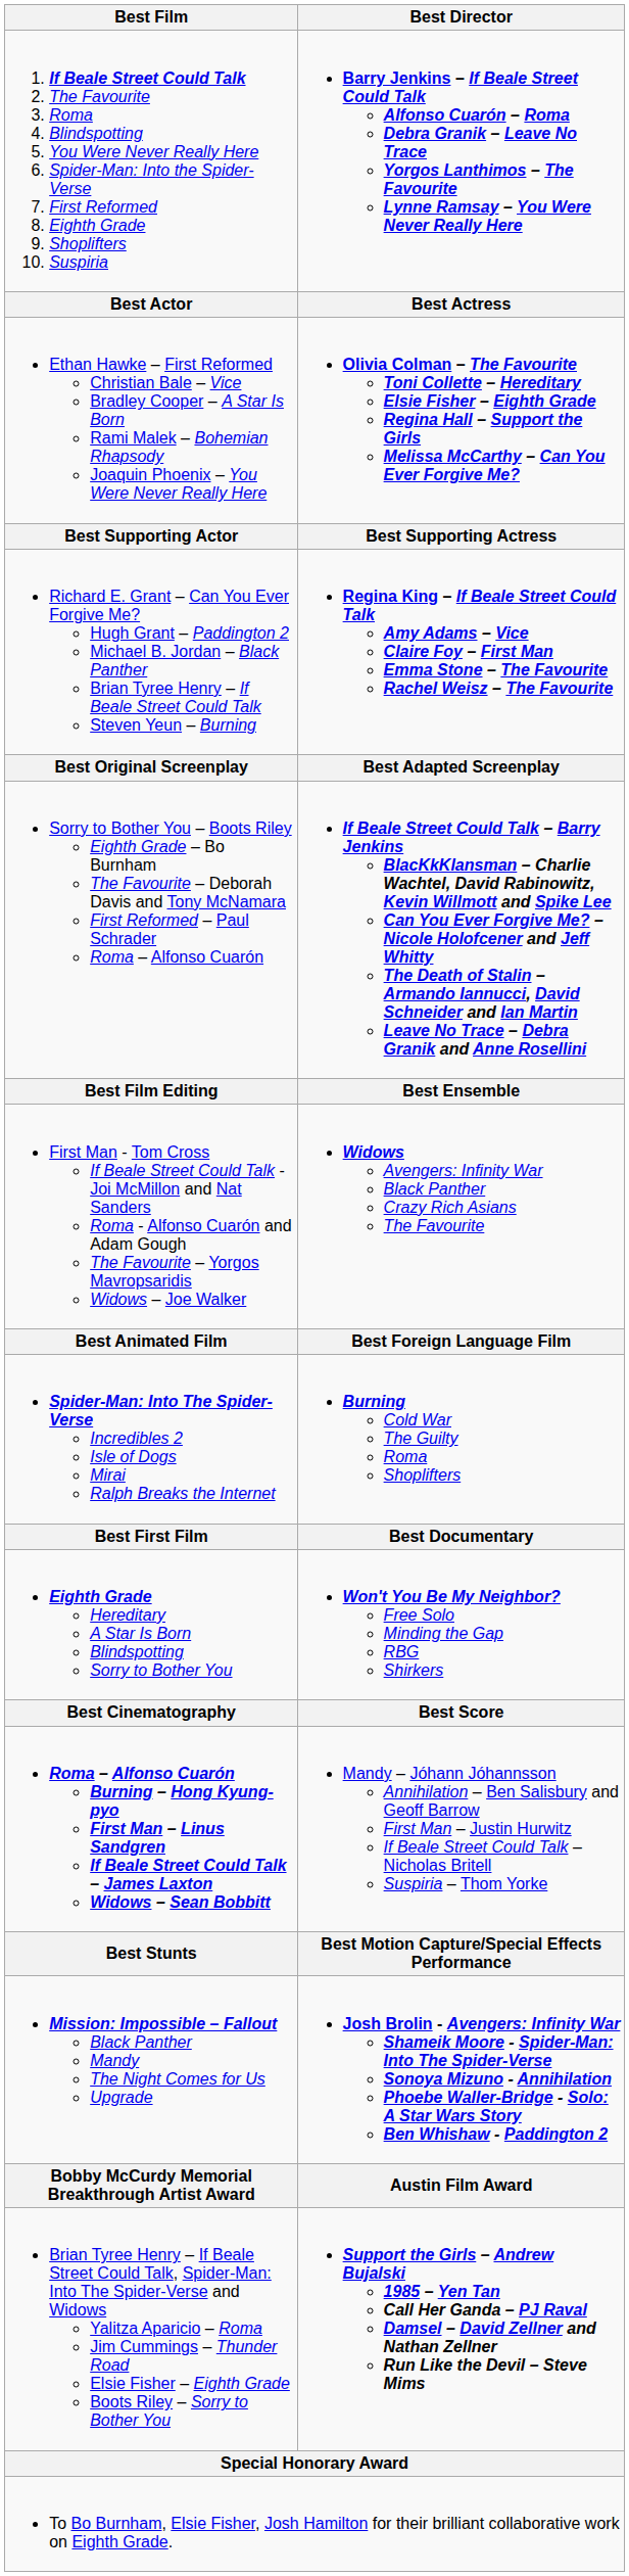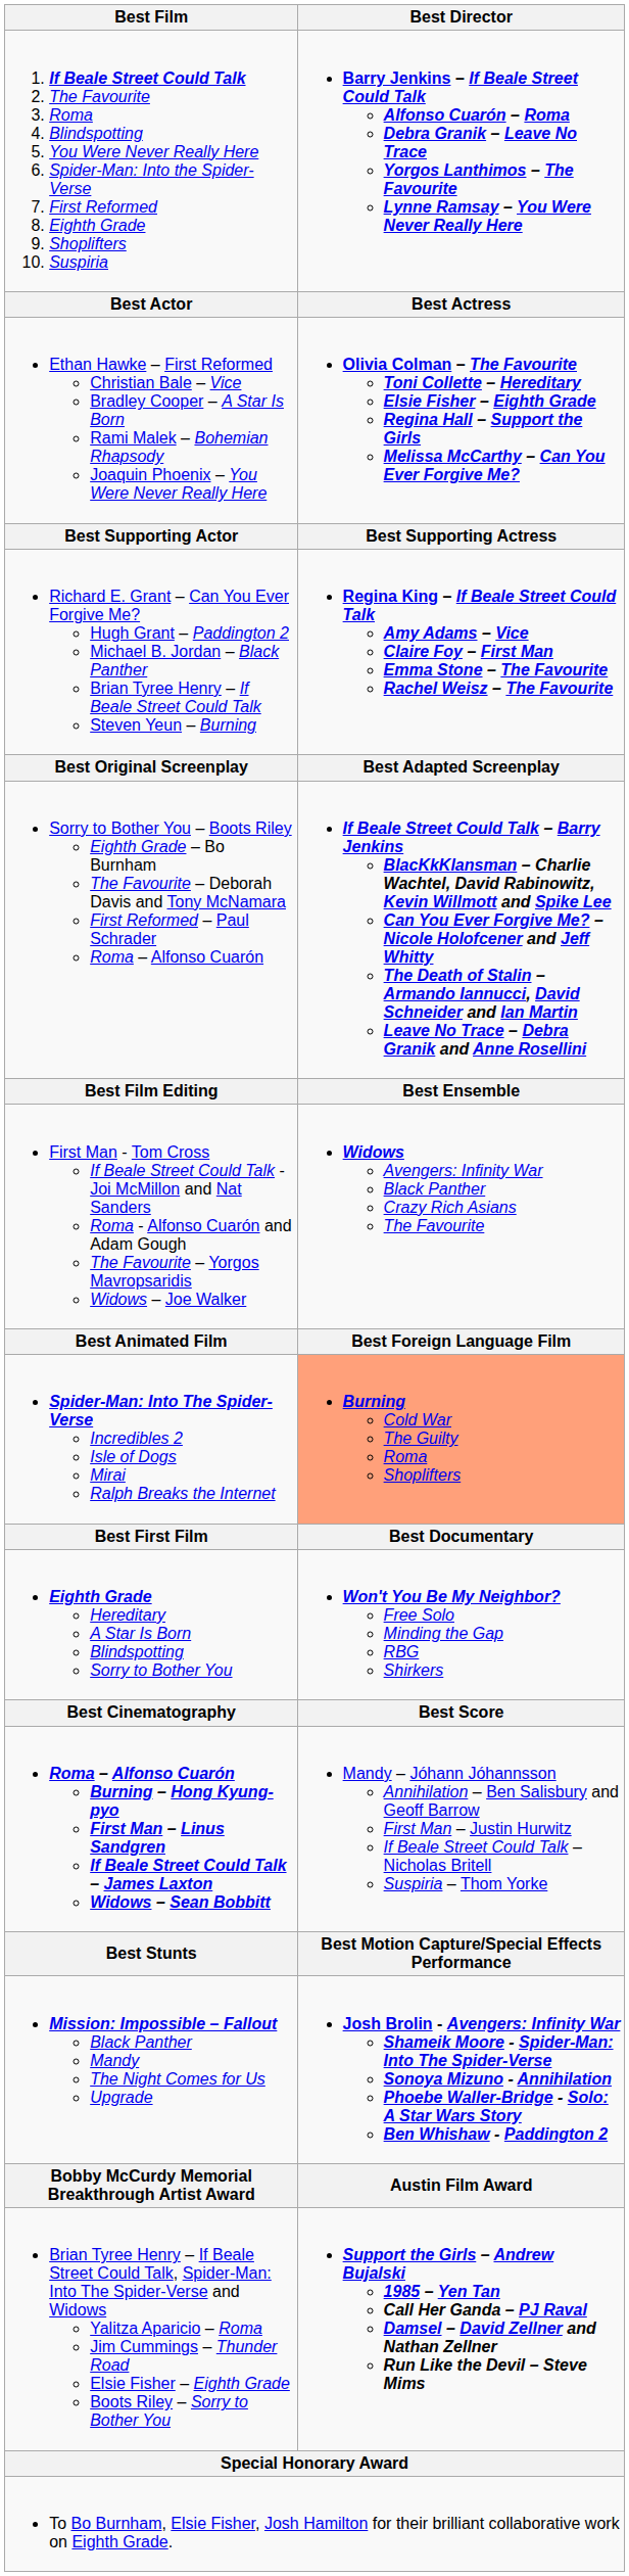 <table class=wikitable style="width=100%">
 <tr>
 <th style="width=50%">Best Film</th>
 <th style="width=50%">Best Director</th>
 </tr>
 <tr>
 <td valign="top"><br><ol><li><strong><em><a href='#'>If Beale Street Could Talk</a></em></strong></li><li><em><a href='#'>The Favourite</a></em></li><li><em><a href='#'>Roma</a></em></li><li><em><a href='#'>Blindspotting</a></em></li><li><em><a href='#'>You Were Never Really Here</a></em></li><li><em><a href='#'>Spider-Man: Into the Spider-Verse</a></em></li><li><em><a href='#'>First Reformed</a></em></li><li><em><a href='#'>Eighth Grade</a></em></li><li><em><a href='#'>Shoplifters</a></em></li><li><em><a href='#'>Suspiria</a></em></li></ol></td>
 <td valign="top"><br><ul><li><strong><a href='#'>Barry Jenkins</a> – <em><a href='#'>If Beale Street Could Talk</a><strong><em><ul><li><a href='#'>Alfonso Cuarón</a> – </em><a href='#'>Roma</a><em></li><li><a href='#'>Debra Granik</a> – </em><a href='#'>Leave No Trace</a><em></li><li><a href='#'>Yorgos Lanthimos</a> – </em><a href='#'>The Favourite</a><em></li><li><a href='#'>Lynne Ramsay</a> – </em><a href='#'>You Were Never Really Here</a><em></li></ul></li></ul></td>
 </tr>
 <tr>
 <th style="width=50%">Best Actor</th>
 <th style="width=50%">Best Actress</th>
 </tr>
 <tr>
 <td valign="top"><br><ul><li></strong><a href='#'>Ethan Hawke</a> – </em><a href='#'>First Reformed</a></em></strong><ul><li><a href='#'>Christian Bale</a> – <em><a href='#'>Vice</a></em></li><li><a href='#'>Bradley Cooper</a> – <em><a href='#'>A Star Is Born</a></em></li><li><a href='#'>Rami Malek</a> – <em><a href='#'>Bohemian Rhapsody</a></em></li><li><a href='#'>Joaquin Phoenix</a> – <em><a href='#'>You Were Never Really Here</a></em></li></ul></li></ul></td>
 <td valign="top"><br><ul><li><strong><a href='#'>Olivia Colman</a> – <em><a href='#'>The Favourite</a><strong><em><ul><li><a href='#'>Toni Collette</a> – </em><a href='#'>Hereditary</a><em></li><li><a href='#'>Elsie Fisher</a> – </em><a href='#'>Eighth Grade</a><em></li><li><a href='#'>Regina Hall</a> – </em><a href='#'>Support the Girls</a><em></li><li><a href='#'>Melissa McCarthy</a> – </em><a href='#'>Can You Ever Forgive Me?</a><em></li></ul></li></ul></td>
 </tr>
 <tr>
 <th style="width=50%">Best Supporting Actor</th>
 <th style="width=50%">Best Supporting Actress</th>
 </tr>
 <tr>
 <td valign="top"><br><ul><li></strong><a href='#'>Richard E. Grant</a> – </em><a href='#'>Can You Ever Forgive Me?</a></em></strong><ul><li><a href='#'>Hugh Grant</a> – <em><a href='#'>Paddington 2</a></em></li><li><a href='#'>Michael B. Jordan</a> – <em><a href='#'>Black Panther</a></em></li><li><a href='#'>Brian Tyree Henry</a> – <em><a href='#'>If Beale Street Could Talk</a></em></li><li><a href='#'>Steven Yeun</a> – <em><a href='#'>Burning</a></em></li></ul></li></ul></td>
 <td valign="top"><br><ul><li><strong><a href='#'>Regina King</a> – <em><a href='#'>If Beale Street Could Talk</a><strong><em><ul><li><a href='#'>Amy Adams</a> – </em><a href='#'>Vice</a><em></li><li><a href='#'>Claire Foy</a> – </em><a href='#'>First Man</a><em></li><li><a href='#'>Emma Stone</a> – </em><a href='#'>The Favourite</a><em></li><li><a href='#'>Rachel Weisz</a> – </em><a href='#'>The Favourite</a><em></li></ul></li></ul></td>
 </tr>
 <tr>
 <th style="width=50%">Best Original Screenplay</th>
 <th style="width=50%">Best Adapted Screenplay</th>
 </tr>
 <tr>
 <td valign="top"><br><ul><li></em></strong><a href='#'>Sorry to Bother You</a></em> – <a href='#'>Boots Riley</a></strong><ul><li><em><a href='#'>Eighth Grade</a></em> – Bo Burnham</li><li><em><a href='#'>The Favourite</a></em> – Deborah Davis and <a href='#'>Tony McNamara</a></li><li><em><a href='#'>First Reformed</a></em> – <a href='#'>Paul Schrader</a></li><li><em><a href='#'>Roma</a></em> – <a href='#'>Alfonso Cuarón</a></li></ul></li></ul></td>
 <td valign="top"><br><ul><li><strong><em><a href='#'>If Beale Street Could Talk</a><em> – <a href='#'>Barry Jenkins</a><strong><ul><li></em><a href='#'>BlacKkKlansman</a><em> – Charlie Wachtel, David Rabinowitz, <a href='#'>Kevin Willmott</a> and <a href='#'>Spike Lee</a></li><li></em><a href='#'>Can You Ever Forgive Me?</a><em> – <a href='#'>Nicole Holofcener</a> and <a href='#'>Jeff Whitty</a></li><li></em><a href='#'>The Death of Stalin</a><em> – <a href='#'>Armando Iannucci</a>, <a href='#'>David Schneider</a> and <a href='#'>Ian Martin</a></li><li></em><a href='#'>Leave No Trace</a><em> – <a href='#'>Debra Granik</a> and <a href='#'>Anne Rosellini</a></li></ul></li></ul></td>
 </tr>
 <tr>
 <th style="width=50%">Best Film Editing</th>
 <th style="width=50%">Best Ensemble</th>
 </tr>
 <tr>
 <td valign="top"><br><ul><li></em></strong><a href='#'>First Man</a></em> - <a href='#'>Tom Cross</a></strong><ul><li><em><a href='#'>If Beale Street Could Talk</a></em> - <a href='#'>Joi McMillon</a> and <a href='#'>Nat Sanders</a></li><li><em><a href='#'>Roma</a></em> - <a href='#'>Alfonso Cuarón</a> and Adam Gough</li><li><em><a href='#'>The Favourite</a></em> – <a href='#'>Yorgos Mavropsaridis</a></li><li><em><a href='#'>Widows</a></em> – <a href='#'>Joe Walker</a></li></ul></li></ul></td>
 <td valign="top"><br><ul><li><strong><em><a href='#'>Widows</a></em></strong><ul><li><em><a href='#'>Avengers: Infinity War</a></em></li><li><em><a href='#'>Black Panther</a></em></li><li><em><a href='#'>Crazy Rich Asians</a></em></li><li><em><a href='#'>The Favourite</a></em></li></ul></li></ul></td>
 </tr>
 <tr>
 <th style="width=50%">Best Animated Film</th>
 <th style="width=50%">Best Foreign Language Film</th>
 </tr>
 <tr>
 <td valign="top"><br><ul><li><strong><em><a href='#'>Spider-Man: Into The Spider-Verse</a></em></strong><ul><li><em><a href='#'>Incredibles 2</a></em></li><li><em><a href='#'>Isle of Dogs</a></em></li><li><em><a href='#'>Mirai</a></em></li><li><em><a href='#'>Ralph Breaks the Internet</a></em></li></ul></li></ul></td>
-<td valign="top"><br><ul><li><strong><em><a href='#'>Burning</a></em></strong><ul><li><em><a href='#'>Cold War</a></em></li><li><em><a href='#'>The Guilty</a></em></li><li><em><a href='#'>Roma</a></em></li><li><em><a href='#'>Shoplifters</a></em></li></ul></li></ul></td>
+<td valign="top" style="background: lightsalmon;"><br><ul><li><strong><em><a href='#'>Burning</a></em></strong><ul><li><em><a href='#'>Cold War</a></em></li><li><em><a href='#'>The Guilty</a></em></li><li><em><a href='#'>Roma</a></em></li><li><em><a href='#'>Shoplifters</a></em></li></ul></li></ul></td>
 </tr>
 <tr>
 <th style="width=50%">Best First Film</th>
 <th style="width=50%">Best Documentary</th>
 </tr>
 <tr>
 <td valign="top"><br><ul><li><strong><em><a href='#'>Eighth Grade</a></em></strong><ul><li><em><a href='#'>Hereditary</a></em></li><li><em><a href='#'>A Star Is Born</a></em></li><li><em><a href='#'>Blindspotting</a></em></li><li><em><a href='#'>Sorry to Bother You</a></em></li></ul></li></ul></td>
 <td valign="top"><br><ul><li><strong><em><a href='#'>Won't You Be My Neighbor?</a></em></strong><ul><li><em><a href='#'>Free Solo</a></em></li><li><em><a href='#'>Minding the Gap</a></em></li><li><em><a href='#'>RBG</a></em></li><li><em><a href='#'>Shirkers</a></em></li></ul></li></ul></td>
 </tr>
 <tr>
 <th style="width=50%">Best Cinematography</th>
 <th style="width=50%">Best Score</th>
 </tr>
 <tr>
 <td valign="top"><br><ul><li><strong><em><a href='#'>Roma</a><em> – <a href='#'>Alfonso Cuarón</a><strong><ul><li></em><a href='#'>Burning</a><em> – <a href='#'>Hong Kyung-pyo</a></li><li></em><a href='#'>First Man</a><em> – <a href='#'>Linus Sandgren</a></li><li></em><a href='#'>If Beale Street Could Talk</a><em> – <a href='#'>James Laxton</a></li><li></em><a href='#'>Widows</a><em> – <a href='#'>Sean Bobbitt</a></li></ul></li></ul></td>
 <td valign="top"><br><ul><li></em></strong><a href='#'>Mandy</a></em> – <a href='#'>Jóhann Jóhannsson</a></strong><ul><li><em><a href='#'>Annihilation</a></em> – <a href='#'>Ben Salisbury</a> and <a href='#'>Geoff Barrow</a></li><li><em><a href='#'>First Man</a></em> – <a href='#'>Justin Hurwitz</a></li><li><em><a href='#'>If Beale Street Could Talk</a></em> – <a href='#'>Nicholas Britell</a></li><li><em><a href='#'>Suspiria</a></em> – <a href='#'>Thom Yorke</a></li></ul></li></ul></td>
 </tr>
 <tr>
 <th style="width=50%">Best Stunts</th>
 <th style="width=50%">Best Motion Capture/Special Effects Performance</th>
 </tr>
 <tr>
 <td valign="top"><br><ul><li><strong><em><a href='#'>Mission: Impossible – Fallout</a></em></strong><ul><li><em><a href='#'>Black Panther</a></em></li><li><em><a href='#'>Mandy</a></em></li><li><em><a href='#'>The Night Comes for Us</a></em></li><li><em><a href='#'>Upgrade</a></em></li></ul></li></ul></td>
 <td valign="top"><br><ul><li><strong><a href='#'>Josh Brolin</a> - <em><a href='#'>Avengers: Infinity War</a><strong><em><ul><li><a href='#'>Shameik Moore</a> - </em><a href='#'>Spider-Man: Into The Spider-Verse</a><em></li><li><a href='#'>Sonoya Mizuno</a> - </em><a href='#'>Annihilation</a><em></li><li><a href='#'>Phoebe Waller-Bridge</a> - </em><a href='#'>Solo: A Star Wars Story</a><em></li><li><a href='#'>Ben Whishaw</a> - </em><a href='#'>Paddington 2</a><em></li></ul></li></ul></td>
 </tr>
 <tr>
 <th style="width=50%">Bobby McCurdy Memorial Breakthrough Artist Award</th>
 <th style="width=50%">Austin Film Award</th>
 </tr>
 <tr>
 <td valign="top"><br><ul><li></strong><a href='#'>Brian Tyree Henry</a> – </em><a href='#'>If Beale Street Could Talk</a>, <a href='#'>Spider-Man: Into The Spider-Verse</a> and <a href='#'>Widows</a></em></strong><ul><li><a href='#'>Yalitza Aparicio</a> – <em><a href='#'>Roma</a></em></li><li><a href='#'>Jim Cummings</a> – <em><a href='#'>Thunder Road</a></em></li><li><a href='#'>Elsie Fisher</a> – <em><a href='#'>Eighth Grade</a></em></li><li><a href='#'>Boots Riley</a> – <em><a href='#'>Sorry to Bother You</a></em></li></ul></li></ul></td>
 <td valign="top"><br><ul><li><strong><em><a href='#'>Support the Girls</a><em> – <a href='#'>Andrew Bujalski</a><strong><ul><li></em><a href='#'>1985</a><em> – <a href='#'>Yen Tan</a></li><li></em>Call Her Ganda<em> – <a href='#'>PJ Raval</a></li><li></em><a href='#'>Damsel</a><em> – <a href='#'>David Zellner</a> and Nathan Zellner</li><li></em>Run Like the Devil<em> – Steve Mims</li></ul></li></ul></td>
 </tr>
 <tr>
 <th colspan="2">Special Honorary Award</th>
 </tr>
 <tr>
 <td colspan=2 valign="top" width="50%"><br><ul><li></em></strong>To <a href='#'>Bo Burnham</a>, <a href='#'>Elsie Fisher</a>, <a href='#'>Josh Hamilton</a> for their brilliant collaborative work on <a href='#'>Eighth Grade</a>.<strong><em></li></ul></td>
 </tr>
 </table>
